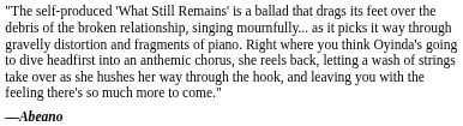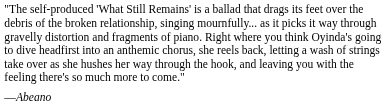 <table class="toccolours" style="float: right; margin-left: 1em; margin-right: 2em; font-size: 85%; background:offwhite; color:black; width:34em; max-width: 40%;" cellspacing="5">
 <tr>
 <td style="text-align: left;">"The self-produced 'What Still Remains' is a ballad that drags its feet over the debris of the broken relationship, singing mournfully... as it picks it way through gravelly distortion and fragments of piano. Right where you think Oyinda's going to dive headfirst into an anthemic chorus, she reels back, letting a wash of strings take over as she hushes her way through the hook, and leaving you with the feeling there's so much more to come."</td>
 </tr>
 <tr>
-<td style="text-align: left;"><strong>—<em>Abeano</em></strong></td>
+<td style="text-align: left;">—<em>Abeano</em></td>
 </tr>
 </table>
